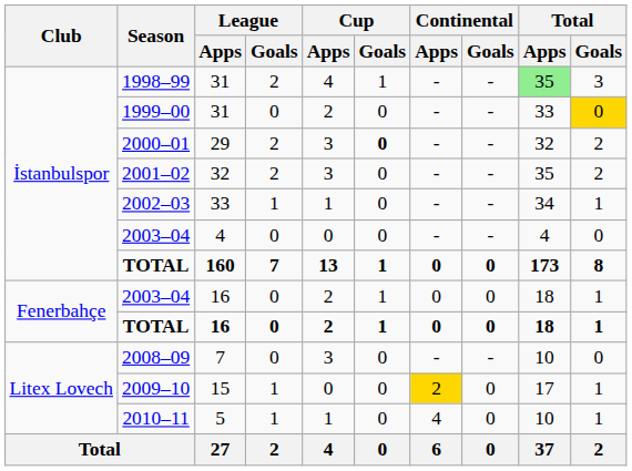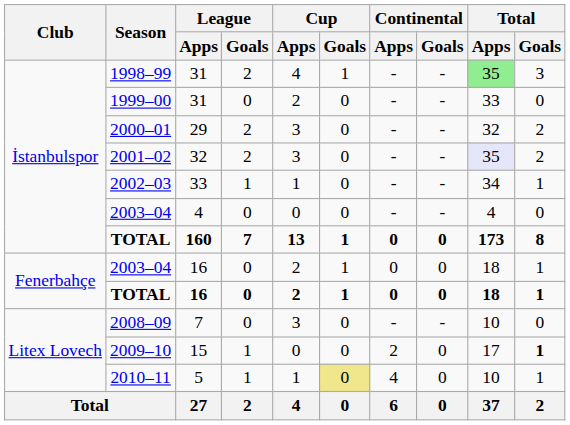 <table class="wikitable" style="text-align: center;">
 <tr>
 <th rowspan="2">Club</th>
 <th rowspan="2">Season</th>
 <th colspan="2">League</th>
 <th colspan="2">Cup</th>
 <th colspan="2">Continental</th>
 <th colspan="2">Total</th>
 </tr>
 <tr>
 <th>Apps</th>
 <th>Goals</th>
 <th>Apps</th>
 <th>Goals</th>
 <th>Apps</th>
 <th>Goals</th>
 <th>Apps</th>
 <th>Goals</th>
 </tr>
 <tr>
 <td rowspan="7" valign="center"><a href='#'>İstanbulspor</a></td>
 <td><a href='#'>1998–99</a></td>
 <td>31</td>
 <td>2</td>
 <td>4</td>
 <td>1</td>
 <td>-</td>
 <td>-</td>
 <td style="background: lightgreen;">35</td>
 <td>3</td>
 </tr>
 <tr>
 <td><a href='#'>1999–00</a></td>
 <td>31</td>
 <td>0</td>
 <td>2</td>
 <td>0</td>
 <td>-</td>
 <td>-</td>
 <td>33</td>
-<td style="background: gold;">0</td>
+<td>0</td>
 </tr>
 <tr>
 <td><a href='#'>2000–01</a></td>
 <td>29</td>
 <td>2</td>
 <td>3</td>
-<td><strong>0</strong></td>
+<td>0</td>
 <td>-</td>
 <td>-</td>
 <td>32</td>
 <td>2</td>
 </tr>
 <tr>
 <td><a href='#'>2001–02</a></td>
 <td>32</td>
 <td>2</td>
 <td>3</td>
 <td>0</td>
 <td>-</td>
 <td>-</td>
-<td>35</td>
+<td style="background: lavender;">35</td>
 <td>2</td>
 </tr>
 <tr>
 <td><a href='#'>2002–03</a></td>
 <td>33</td>
 <td>1</td>
 <td>1</td>
 <td>0</td>
 <td>-</td>
 <td>-</td>
 <td>34</td>
 <td>1</td>
 </tr>
 <tr>
 <td><a href='#'>2003–04</a></td>
 <td>4</td>
 <td>0</td>
 <td>0</td>
 <td>0</td>
 <td>-</td>
 <td>-</td>
 <td>4</td>
 <td>0</td>
 </tr>
 <tr>
 <td><strong>TOTAL</strong></td>
 <td><strong>160</strong></td>
 <td><strong>7</strong></td>
 <td><strong>13</strong></td>
 <td><strong>1</strong></td>
 <td><strong>0</strong></td>
 <td><strong>0</strong></td>
 <td><strong>173</strong></td>
 <td><strong>8</strong></td>
 </tr>
 <tr>
 <td rowspan="2" valign="center"><a href='#'>Fenerbahçe</a></td>
 <td><a href='#'>2003–04</a></td>
 <td>16</td>
 <td>0</td>
 <td>2</td>
 <td>1</td>
 <td>0</td>
 <td>0</td>
 <td>18</td>
 <td>1</td>
 </tr>
 <tr>
 <td><strong>TOTAL</strong></td>
 <td><strong>16</strong></td>
 <td><strong>0</strong></td>
 <td><strong>2</strong></td>
 <td><strong>1</strong></td>
 <td><strong>0</strong></td>
 <td><strong>0</strong></td>
 <td><strong>18</strong></td>
 <td><strong>1</strong></td>
 </tr>
 <tr>
 <td rowspan="3" valign="center"><a href='#'>Litex Lovech</a></td>
 <td><a href='#'>2008–09</a></td>
 <td>7</td>
 <td>0</td>
 <td>3</td>
 <td>0</td>
 <td>-</td>
 <td>-</td>
 <td>10</td>
 <td>0</td>
 </tr>
 <tr>
 <td><a href='#'>2009–10</a></td>
 <td>15</td>
 <td>1</td>
 <td>0</td>
 <td>0</td>
-<td style="background: gold;">2</td>
+<td>2</td>
 <td>0</td>
 <td>17</td>
-<td>1</td>
+<td><strong>1</strong></td>
 </tr>
 <tr>
 <td><a href='#'>2010–11</a></td>
 <td>5</td>
 <td>1</td>
 <td>1</td>
-<td>0</td>
+<td style="background: khaki;">0</td>
 <td>4</td>
 <td>0</td>
 <td>10</td>
 <td>1</td>
 </tr>
 <tr>
 <th colspan="2"><strong>Total</strong></th>
 <th>27</th>
 <th>2</th>
 <th>4</th>
 <th>0</th>
 <th>6</th>
 <th>0</th>
 <th>37</th>
 <th>2</th>
 </tr>
 </table>
